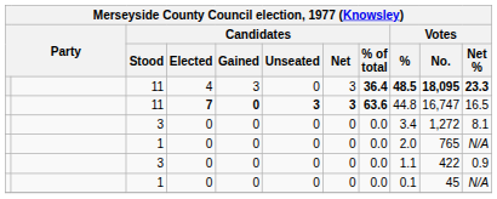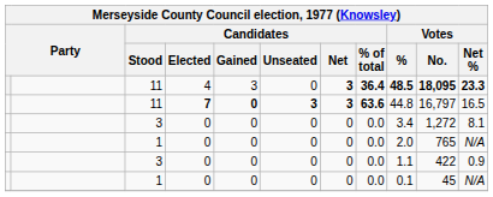 <table class="wikitable" style="font-size:95%">
 <tr>
 <th colspan="16" style="background-color:#f2f2f2">Merseyside County Council election, 1977 (<a href='#'>Knowsley</a>)</th>
 </tr>
 <tr style="vertical-align:center;">
 <th colspan="2" rowspan="2">Party</th>
 <th colspan="6" style="width: 30px">Candidates</th>
 <th colspan="5" style="width: 30px">Votes</th>
 </tr>
 <tr>
 <th>Stood</th>
 <th>Elected</th>
 <th>Gained</th>
 <th>Unseated</th>
 <th style="width: 45px">Net</th>
 <th>% of total</th>
 <th>%</th>
 <th>No.</th>
 <th>Net %</th>
 </tr>
 <tr>
 <th style="background-color: "></th>
 <td style="width: 190px"><a href='#'></a></td>
 <td style="text-align:right; ">11</td>
 <td style="text-align:right; ">4</td>
 <td style="text-align:right; ">3</td>
 <td style="text-align:right; ">0</td>
-<td style="text-align:right; "><span>3</span></td>
+<td style="text-align:right; "><strong><span>3</span></strong></td>
 <td style="text-align:right; "><strong>36.4</strong></td>
 <td style="text-align:right; "><strong>48.5</strong></td>
 <td style="text-align:right; "><strong>18,095</strong></td>
 <td style="text-align:right; "><span><strong>23.3</strong></span></td>
 </tr>
 <tr>
 <td style="background-color: "></td>
 <td style="width: 190px"><a href='#'></a></td>
 <td style="text-align:right; ">11</td>
 <td style="text-align:right; "><strong>7</strong></td>
 <td style="text-align:right; "><strong>0</strong></td>
 <td style="text-align:right; "><strong>3</strong></td>
 <td style="text-align:right; "><span><strong>3</strong></span></td>
 <td style="text-align:right; "><strong>63.6</strong></td>
 <td style="text-align:right; ">44.8</td>
-<td style="text-align:right; ">16,747</td>
+<td style="text-align:right; ">16,797</td>
 <td style="text-align:right; "><span>16.5</span></td>
 </tr>
 <tr>
 <td style="background-color: "></td>
 <td style="width: 190px"><a href='#'></a></td>
 <td style="text-align:right; ">3</td>
 <td style="text-align:right; ">0</td>
 <td style="text-align:right; ">0</td>
 <td style="text-align:right; ">0</td>
 <td style="text-align:right; ">0</td>
 <td style="text-align:right; ">0.0</td>
 <td style="text-align:right; ">3.4</td>
 <td style="text-align:right; ">1,272</td>
 <td style="text-align:right; "><span>8.1</span></td>
 </tr>
 <tr>
 <td style="background-color: "></td>
 <td style="width: 190px"><a href='#'></a></td>
 <td style="text-align:right; ">1</td>
 <td style="text-align:right; ">0</td>
 <td style="text-align:right; ">0</td>
 <td style="text-align:right; ">0</td>
 <td style="text-align:right; ">0</td>
 <td style="text-align:right; ">0.0</td>
 <td style="text-align:right; ">2.0</td>
 <td style="text-align:right; ">765</td>
 <td style="text-align:right; "><em>N/A</em></td>
 </tr>
 <tr>
 <td style="background-color: "></td>
 <td style="width: 190px"><a href='#'></a></td>
 <td style="text-align:right; ">3</td>
 <td style="text-align:right; ">0</td>
 <td style="text-align:right; ">0</td>
 <td style="text-align:right; ">0</td>
 <td style="text-align:right; ">0</td>
 <td style="text-align:right; ">0.0</td>
 <td style="text-align:right; ">1.1</td>
 <td style="text-align:right; ">422</td>
 <td style="text-align:right; "><span>0.9</span></td>
 </tr>
 <tr>
 <td style="background-color: "></td>
 <td style="width: 190px"><a href='#'></a></td>
 <td style="text-align:right; ">1</td>
 <td style="text-align:right; ">0</td>
 <td style="text-align:right; ">0</td>
 <td style="text-align:right; ">0</td>
 <td style="text-align:right; ">0</td>
 <td style="text-align:right; ">0.0</td>
 <td style="text-align:right; ">0.1</td>
 <td style="text-align:right; ">45</td>
 <td style="text-align:right; "><em>N/A</em></td>
 </tr>
 <tr>
 </tr>
 </table>
